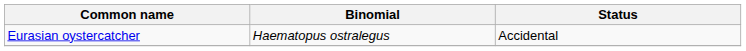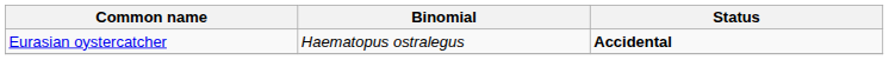 <table width=72% class="wikitable">
 <tr>
 <th width=24%>Common name</th>
 <th width=24%>Binomial</th>
 <th width=24%>Status</th>
 </tr>
 <tr>
 <td><a href='#'>Eurasian oystercatcher</a></td>
 <td><em>Haematopus ostralegus</em></td>
-<td>Accidental</td>
+<td><strong>Accidental</strong></td>
 </tr>
 <tr>
 </tr>
 </table>
